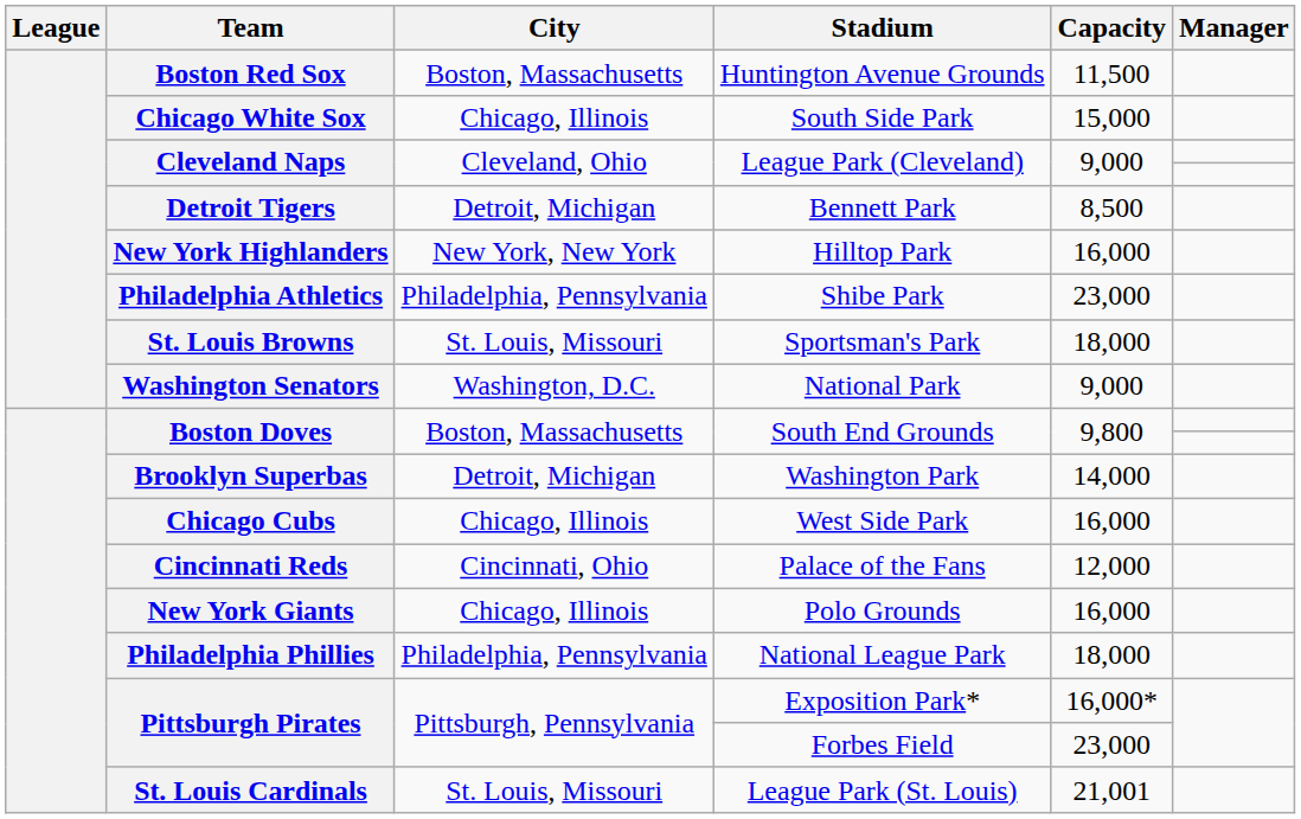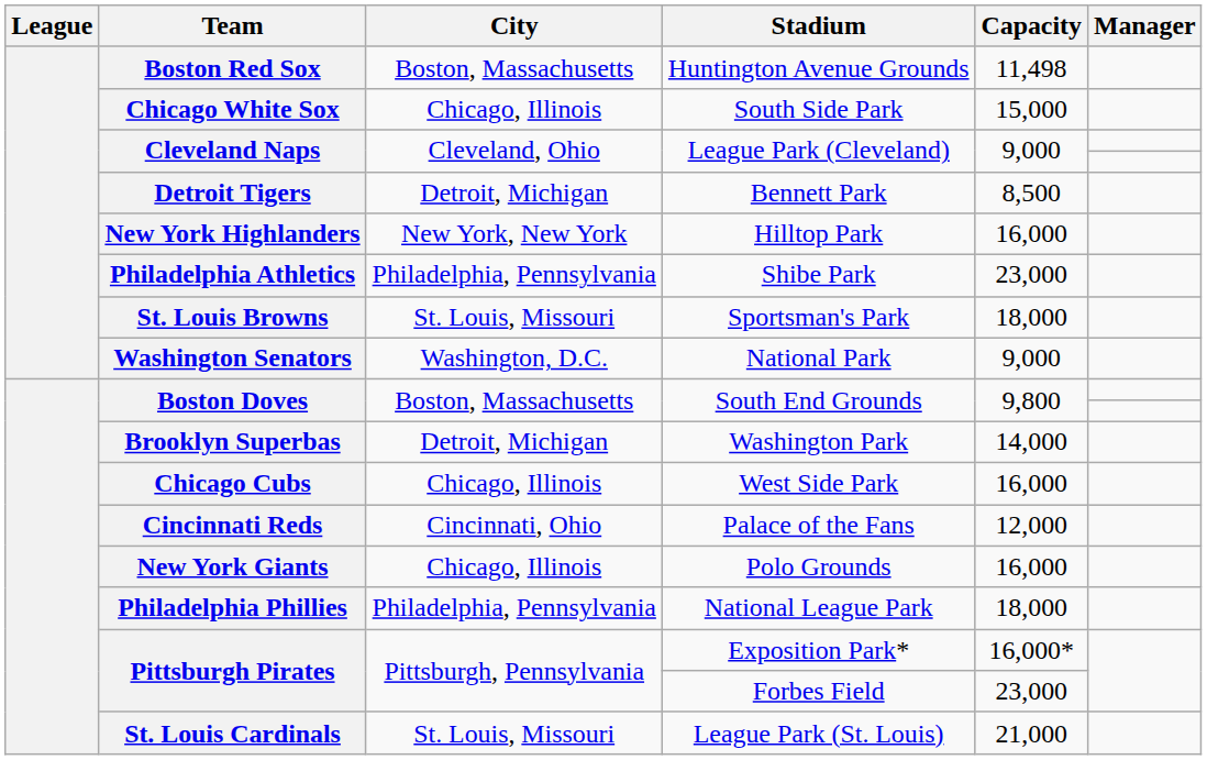 <table class="wikitable sortable plainrowheaders" style="text-align:center;">
 <tr>
 <th scope="col">League</th>
 <th scope="col">Team</th>
 <th scope="col">City</th>
 <th scope="col">Stadium</th>
 <th scope="col">Capacity</th>
 <th scope="col">Manager</th>
 </tr>
 <tr>
 <th rowspan="9"></th>
 <th scope="row"><a href='#'>Boston Red Sox</a></th>
 <td><a href='#'>Boston</a>, <a href='#'>Massachusetts</a></td>
 <td><a href='#'>Huntington Avenue Grounds</a></td>
-<td>11,500</td>
+<td>11,498</td>
 <td></td>
 </tr>
 <tr>
 <th scope="row"><a href='#'>Chicago White Sox</a></th>
 <td><a href='#'>Chicago</a>, <a href='#'>Illinois</a></td>
 <td><a href='#'>South Side Park</a></td>
 <td>15,000</td>
 <td></td>
 </tr>
 <tr>
 <th rowspan="2" scope="row"><a href='#'>Cleveland Naps</a></th>
 <td rowspan="2"><a href='#'>Cleveland</a>, <a href='#'>Ohio</a></td>
 <td rowspan="2"><a href='#'>League Park (Cleveland)</a></td>
 <td rowspan="2">9,000</td>
 <td></td>
 </tr>
 <tr>
 <td></td>
 </tr>
 <tr>
 <th scope="row"><a href='#'>Detroit Tigers</a></th>
 <td><a href='#'>Detroit</a>, <a href='#'>Michigan</a></td>
 <td><a href='#'>Bennett Park</a></td>
 <td>8,500</td>
 <td></td>
 </tr>
 <tr>
 <th scope="row"><a href='#'>New York Highlanders</a></th>
 <td><a href='#'>New York</a>, <a href='#'>New York</a></td>
 <td><a href='#'>Hilltop Park</a></td>
 <td>16,000</td>
 <td></td>
 </tr>
 <tr>
 <th scope="row"><a href='#'>Philadelphia Athletics</a></th>
 <td><a href='#'>Philadelphia</a>, <a href='#'>Pennsylvania</a></td>
 <td><a href='#'>Shibe Park</a></td>
 <td>23,000</td>
 <td></td>
 </tr>
 <tr>
 <th scope="row"><a href='#'>St. Louis Browns</a></th>
 <td><a href='#'>St. Louis</a>, <a href='#'>Missouri</a></td>
 <td><a href='#'>Sportsman's Park</a></td>
 <td>18,000</td>
 <td></td>
 </tr>
 <tr>
 <th scope="row"><a href='#'>Washington Senators</a></th>
 <td><a href='#'>Washington, D.C.</a></td>
 <td><a href='#'>National Park</a></td>
 <td>9,000</td>
 <td></td>
 </tr>
 <tr>
 <th rowspan="10"></th>
 <th rowspan="2" scope="row"><a href='#'>Boston Doves</a></th>
 <td rowspan="2"><a href='#'>Boston</a>, <a href='#'>Massachusetts</a></td>
 <td rowspan="2"><a href='#'>South End Grounds</a></td>
 <td rowspan="2">9,800</td>
 <td></td>
 </tr>
 <tr>
 <td></td>
 </tr>
 <tr>
 <th scope="row"><a href='#'>Brooklyn Superbas</a></th>
 <td><a href='#'>Detroit</a>, <a href='#'>Michigan</a></td>
 <td><a href='#'>Washington Park</a></td>
 <td>14,000</td>
 <td></td>
 </tr>
 <tr>
 <th scope="row"><a href='#'>Chicago Cubs</a></th>
 <td><a href='#'>Chicago</a>, <a href='#'>Illinois</a></td>
 <td><a href='#'>West Side Park</a></td>
 <td>16,000</td>
 <td></td>
 </tr>
 <tr>
 <th scope="row"><a href='#'>Cincinnati Reds</a></th>
 <td><a href='#'>Cincinnati</a>, <a href='#'>Ohio</a></td>
 <td><a href='#'>Palace of the Fans</a></td>
 <td>12,000</td>
 <td></td>
 </tr>
 <tr>
 <th scope="row"><a href='#'>New York Giants</a></th>
 <td><a href='#'>Chicago</a>, <a href='#'>Illinois</a></td>
 <td><a href='#'>Polo Grounds</a></td>
 <td>16,000</td>
 <td></td>
 </tr>
 <tr>
 <th scope="row"><a href='#'>Philadelphia Phillies</a></th>
 <td><a href='#'>Philadelphia</a>, <a href='#'>Pennsylvania</a></td>
 <td><a href='#'>National League Park</a></td>
 <td>18,000</td>
 <td></td>
 </tr>
 <tr>
 <th rowspan="2" scope="row"><a href='#'>Pittsburgh Pirates</a></th>
 <td rowspan="2"><a href='#'>Pittsburgh</a>, <a href='#'>Pennsylvania</a></td>
 <td><a href='#'>Exposition Park</a>*</td>
 <td data-sort-value="23000">16,000*</td>
 <td rowspan="2"></td>
 </tr>
 <tr>
 <td><a href='#'>Forbes Field</a></td>
 <td>23,000</td>
 </tr>
 <tr>
 <th scope="row"><a href='#'>St. Louis Cardinals</a></th>
 <td><a href='#'>St. Louis</a>, <a href='#'>Missouri</a></td>
 <td><a href='#'>League Park (St. Louis)</a></td>
-<td>21,001</td>
+<td>21,000</td>
 <td></td>
 </tr>
 </table>
